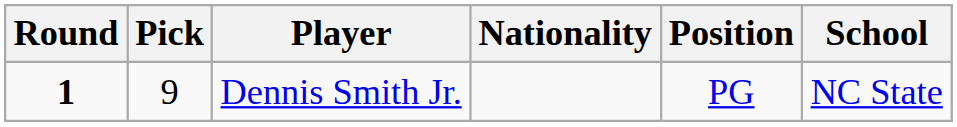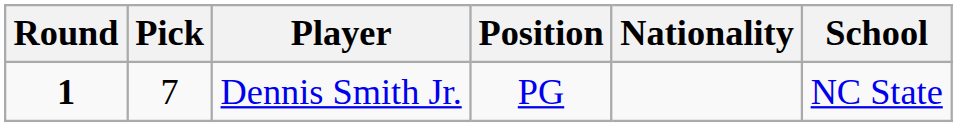 <table class="wikitable sortable sortable">
 <tr>
 <th>Round</th>
 <th>Pick</th>
 <th>Player</th>
+<th>Position</th>
 <th>Nationality</th>
-<th>Position</th>
 <th>School</th>
 </tr>
 <tr style="text-align: center">
 <td><strong>1</strong></td>
-<td>9</td>
+<td>7</td>
 <td><a href='#'>Dennis Smith Jr.</a></td>
+<td><a href='#'>PG</a></td>
 <td></td>
-<td><a href='#'>PG</a></td>
 <td><a href='#'>NC State</a></td>
 </tr>
 </table>
